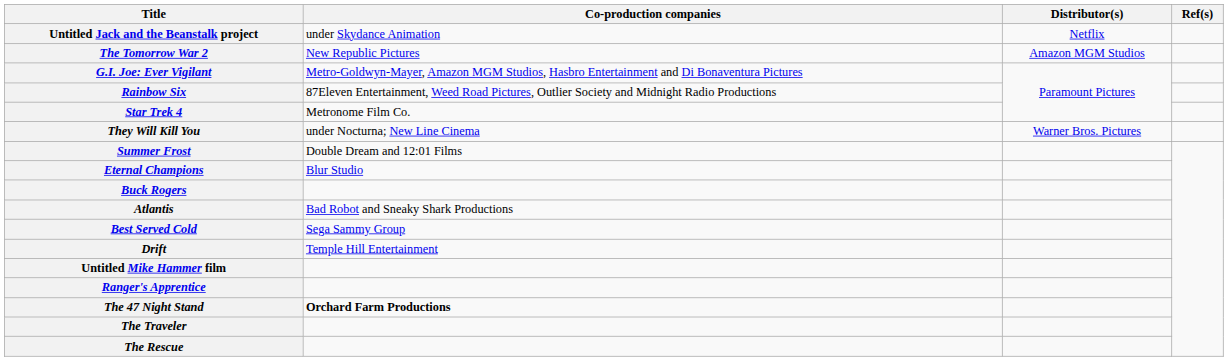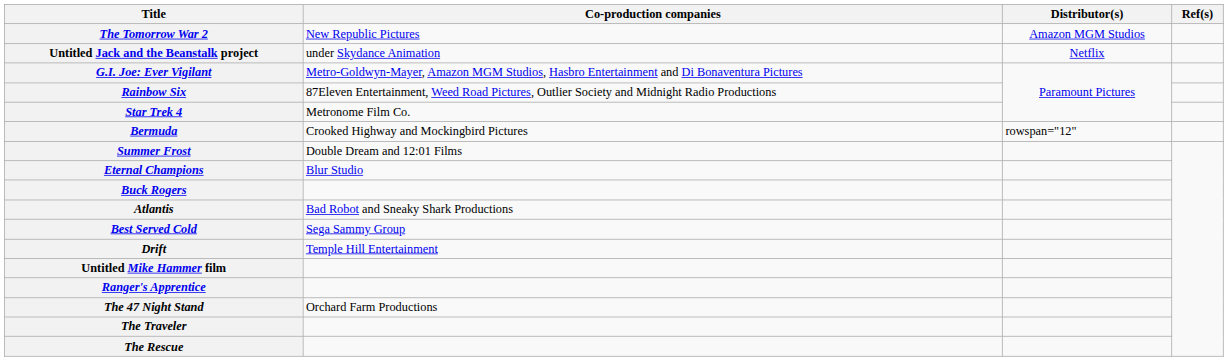 <table class="wikitable plainrowheaders" style="width:100%;">
 <tr>
 <th>Title</th>
 <th>Co-production companies</th>
 <th>Distributor(s)</th>
 <th>Ref(s)</th>
 </tr>
 <tr>
+<th scope="row"><em><a href='#'>The Tomorrow War 2</a></em></th>
+<td><a href='#'>New Republic Pictures</a></td>
+<td style="text-align:center;"><a href='#'>Amazon MGM Studios</a></td>
+<td></td>
+</tr>
+<tr>
 <th scope="row">Untitled <a href='#'>Jack and the Beanstalk</a> project</th>
 <td>under <a href='#'>Skydance Animation</a></td>
 <td style="text-align:center;"><a href='#'>Netflix</a></td>
-<td></td>
-</tr>
-<tr>
-<th scope="row"><em><a href='#'>The Tomorrow War 2</a></em></th>
-<td><a href='#'>New Republic Pictures</a></td>
-<td style="text-align:center;"><a href='#'>Amazon MGM Studios</a></td>
 <td></td>
 </tr>
 <tr>
 <th scope="row"><em><a href='#'>G.I. Joe: Ever Vigilant</a></em></th>
 <td><a href='#'>Metro-Goldwyn-Mayer</a>, <a href='#'>Amazon MGM Studios</a>, <a href='#'>Hasbro Entertainment</a> and <a href='#'>Di Bonaventura Pictures</a></td>
 <td rowspan="3" style="text-align:center;"><a href='#'>Paramount Pictures</a></td>
 <td></td>
 </tr>
 <tr>
 <th scope="row"><em><a href='#'>Rainbow Six</a></em></th>
 <td>87Eleven Entertainment, <a href='#'>Weed Road Pictures</a>, Outlier Society and Midnight Radio Productions</td>
 <td></td>
 </tr>
 <tr>
 <th scope="row"><em><a href='#'>Star Trek 4</a></em></th>
 <td>Metronome Film Co.</td>
 <td></td>
 </tr>
 <tr>
-<th scope="row"><em>They Will Kill You</em></th>
-<td>under Nocturna; <a href='#'>New Line Cinema</a></td>
-<td style="text-align:center;"><a href='#'>Warner Bros. Pictures</a></td>
+<th scope="row"><em><a href='#'>Bermuda</a></em></th>
+<td>Crooked Highway and Mockingbird Pictures</td>
+<td>rowspan="12" </td>
 <td></td>
 </tr>
 <tr>
 <th scope="row"><em><a href='#'>Summer Frost</a></em></th>
 <td>Double Dream and 12:01 Films</td>
 <td></td>
 </tr>
 <tr>
 <th scope="row"><em><a href='#'>Eternal Champions</a></em></th>
 <td><a href='#'>Blur Studio</a></td>
 <td></td>
 </tr>
 <tr>
 <th scope="row"><em><a href='#'>Buck Rogers</a></em></th>
 <td></td>
 <td></td>
 </tr>
 <tr>
 <th scope="row"><em>Atlantis</em></th>
 <td><a href='#'>Bad Robot</a> and Sneaky Shark Productions</td>
 <td></td>
 </tr>
 <tr>
 <th scope="row"><em><a href='#'>Best Served Cold</a></em></th>
 <td><a href='#'>Sega Sammy Group</a></td>
 <td></td>
 </tr>
 <tr>
 <th scope="row"><em>Drift</em></th>
 <td><a href='#'>Temple Hill Entertainment</a></td>
 <td></td>
 </tr>
 <tr>
 <th scope="row">Untitled <em><a href='#'>Mike Hammer</a></em> film</th>
 <td></td>
 <td></td>
 </tr>
 <tr>
 <th scope="row"><em><a href='#'>Ranger's Apprentice</a></em></th>
 <td></td>
 <td></td>
 </tr>
 <tr>
 <th scope="row"><em>The 47 Night Stand</em></th>
-<td><strong>Orchard Farm Productions</strong></td>
+<td>Orchard Farm Productions</td>
 <td></td>
 </tr>
 <tr>
 <th scope="row"><em>The Traveler</em></th>
 <td></td>
 <td></td>
 </tr>
 <tr>
 <th scope="row"><em>The Rescue</em></th>
 <td></td>
 <td></td>
 </tr>
 </table>
